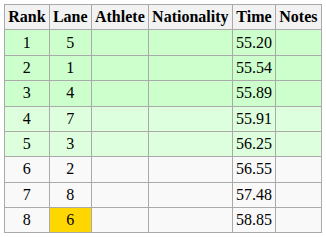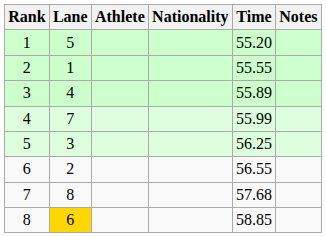 <table class="wikitable sortable" style="text-align:center">
 <tr>
 <th>Rank</th>
 <th>Lane</th>
 <th>Athlete</th>
 <th>Nationality</th>
 <th>Time</th>
 <th class=unsortable>Notes</th>
 </tr>
 <tr bgcolor=ccffcc>
 <td>1</td>
 <td>5</td>
 <td align=left></td>
 <td align=left></td>
 <td>55.20</td>
 <td></td>
 </tr>
 <tr bgcolor=ccffcc>
 <td>2</td>
 <td>1</td>
 <td align=left></td>
 <td align=left></td>
-<td>55.54</td>
+<td>55.55</td>
 <td></td>
 </tr>
 <tr bgcolor=ccffcc>
 <td>3</td>
 <td>4</td>
 <td align=left></td>
 <td align=left></td>
 <td>55.89</td>
 <td></td>
 </tr>
 <tr bgcolor=ddffdd>
 <td>4</td>
 <td>7</td>
 <td align=left></td>
 <td align=left></td>
-<td>55.91</td>
+<td>55.99</td>
 <td></td>
 </tr>
 <tr bgcolor=ddffdd>
 <td>5</td>
 <td>3</td>
 <td align=left></td>
 <td align=left></td>
 <td>56.25</td>
 <td></td>
 </tr>
 <tr>
 <td>6</td>
 <td>2</td>
 <td align=left></td>
 <td align=left></td>
 <td>56.55</td>
 <td></td>
 </tr>
 <tr>
 <td>7</td>
 <td>8</td>
 <td align=left></td>
 <td align=left></td>
-<td>57.48</td>
+<td>57.68</td>
 <td></td>
 </tr>
 <tr>
 <td>8</td>
 <td style="background: gold;">6</td>
 <td align=left></td>
 <td align="left"></td>
 <td>58.85</td>
 <td></td>
 </tr>
 </table>
